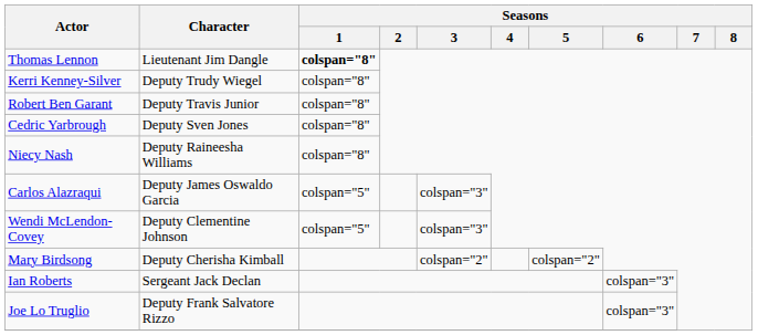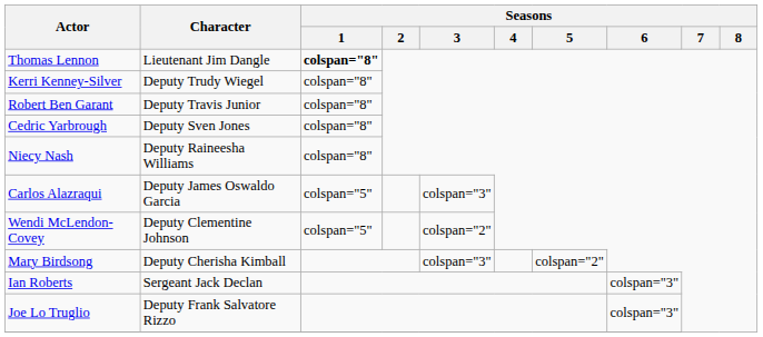 <table class="wikitable"style="text-align:left;font-size:100%">
 <tr>
 <th rowspan="2">Actor</th>
 <th rowspan="2">Character</th>
 <th colspan="8">Seasons</th>
 </tr>
 <tr>
 <th style="width:5%;">1</th>
 <th style="width:5%;">2</th>
 <th style="width:5%;">3</th>
 <th style="width:5%;">4</th>
 <th style="width:5%;">5</th>
 <th style="width:5%;">6</th>
 <th style="width:5%;">7</th>
 <th style="width:5%;">8</th>
 </tr>
 <tr>
 <td><a href='#'>Thomas Lennon</a></td>
 <td>Lieutenant Jim Dangle</td>
 <td><strong>colspan="8" </strong></td>
 </tr>
 <tr>
 <td><a href='#'>Kerri Kenney-Silver</a></td>
 <td>Deputy Trudy Wiegel</td>
 <td>colspan="8" </td>
 </tr>
 <tr>
 <td><a href='#'>Robert Ben Garant</a></td>
 <td>Deputy Travis Junior</td>
 <td>colspan="8" </td>
 </tr>
 <tr>
 <td><a href='#'>Cedric Yarbrough</a></td>
 <td>Deputy Sven Jones</td>
 <td>colspan="8" </td>
 </tr>
 <tr>
 <td><a href='#'>Niecy Nash</a></td>
 <td>Deputy Raineesha Williams</td>
 <td>colspan="8" </td>
 </tr>
 <tr>
 <td><a href='#'>Carlos Alazraqui</a></td>
 <td>Deputy James Oswaldo Garcia</td>
 <td>colspan="5" </td>
 <td></td>
 <td>colspan="3" </td>
 </tr>
 <tr>
 <td><a href='#'>Wendi McLendon-Covey</a></td>
 <td>Deputy Clementine Johnson</td>
 <td>colspan="5" </td>
 <td></td>
-<td>colspan="3" </td>
+<td>colspan="2" </td>
 </tr>
 <tr>
 <td><a href='#'>Mary Birdsong</a></td>
 <td>Deputy Cherisha Kimball</td>
 <td colspan="2"></td>
-<td>colspan="2" </td>
+<td>colspan="3" </td>
 <td></td>
 <td>colspan="2" </td>
 </tr>
 <tr>
 <td><a href='#'>Ian Roberts</a></td>
 <td>Sergeant Jack Declan</td>
 <td colspan="5"></td>
 <td>colspan="3" </td>
 </tr>
 <tr>
 <td><a href='#'>Joe Lo Truglio</a></td>
 <td>Deputy Frank Salvatore Rizzo</td>
 <td colspan="5"></td>
 <td>colspan="3" </td>
 </tr>
 <tr>
 </tr>
 </table>
